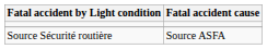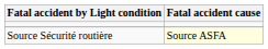 <table class="wikitable">
 <tr>
 <th>Fatal accident by Light condition</th>
 <th>Fatal accident cause</th>
 </tr>
 <tr>
 <td></td>
 <td></td>
 </tr>
 <tr>
 </tr>
 <tr>
 </tr>
 <tr>
 <td>Source Sécurité routière</td>
-<td>Source ASFA</td>
+<td style="background: lightyellow;">Source ASFA</td>
 </tr>
 </table>
